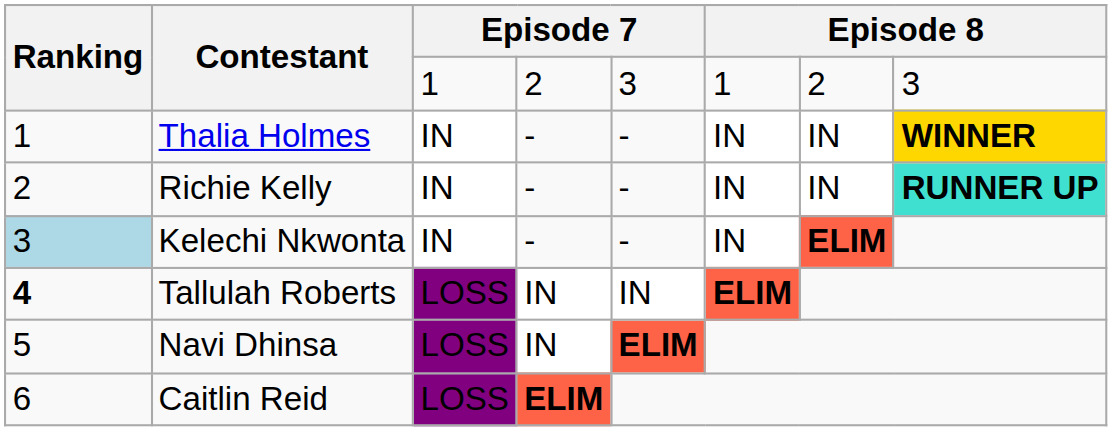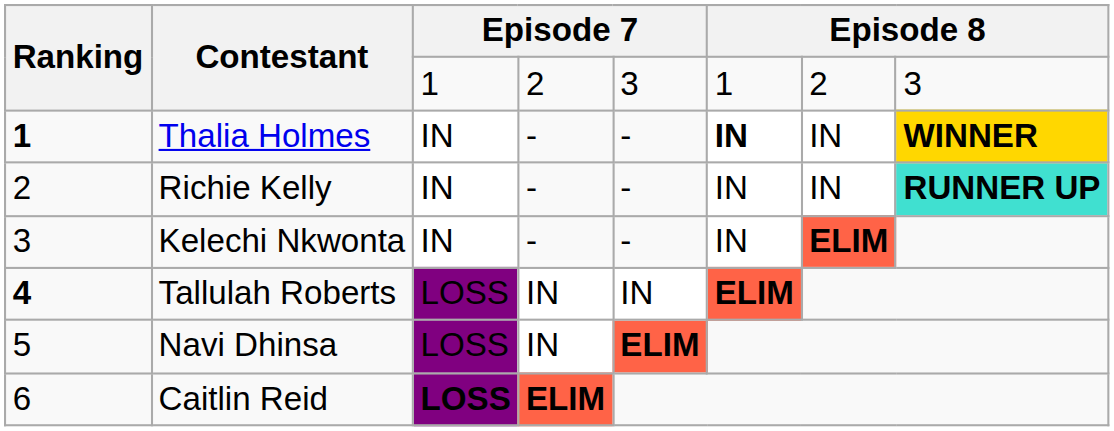 <table class="wikitable">
 <tr>
 <th rowspan="2">Ranking</th>
 <th rowspan="2">Contestant</th>
 <th colspan="3">Episode 7</th>
 <th colspan="3">Episode 8</th>
 </tr>
 <tr>
 <td>1</td>
 <td>2</td>
 <td>3</td>
 <td>1</td>
 <td>2</td>
 <td>3</td>
 </tr>
 <tr>
-<td>1</td>
+<td><strong>1</strong></td>
 <td><a href='#'>Thalia Holmes</a></td>
 <td style="background:white;">IN</td>
 <td>-</td>
 <td>-</td>
-<td style="background:white;">IN</td>
+<td style="background:white;"><strong>IN</strong></td>
 <td style="background:white;">IN</td>
 <td style="background:gold;"><strong>WINNER</strong></td>
 </tr>
 <tr>
 <td>2</td>
 <td>Richie Kelly</td>
 <td style="background:white;">IN</td>
 <td>-</td>
 <td>-</td>
 <td style="background:white;">IN</td>
 <td style="background:white;">IN</td>
 <td style="background:turquoise;"><strong>RUNNER UP</strong></td>
 </tr>
 <tr>
-<td style="background: lightblue;">3</td>
+<td>3</td>
 <td>Kelechi Nkwonta</td>
 <td style="background:white;">IN</td>
 <td>-</td>
 <td>-</td>
 <td style="background:white;">IN</td>
 <td style="background:tomato;"><strong>ELIM</strong></td>
 <td></td>
 </tr>
 <tr>
 <td><strong>4</strong></td>
 <td>Tallulah Roberts</td>
 <td style="background:purple;">LOSS</td>
 <td style="background:white;">IN</td>
 <td style="background:white;">IN</td>
 <td style="background:tomato;"><strong>ELIM</strong></td>
 <td colspan="2"></td>
 </tr>
 <tr>
 <td>5</td>
 <td>Navi Dhinsa</td>
 <td style="background:purple;">LOSS</td>
 <td style="background:white;">IN</td>
 <td style="background:tomato;"><strong>ELIM</strong></td>
 <td colspan="3"></td>
 </tr>
 <tr>
 <td>6</td>
 <td>Caitlin Reid</td>
-<td style="background:purple;">LOSS</td>
+<td style="background:purple;"><strong>LOSS</strong></td>
 <td style="background:tomato;"><strong>ELIM</strong></td>
 <td colspan="4"></td>
 </tr>
 </table>
